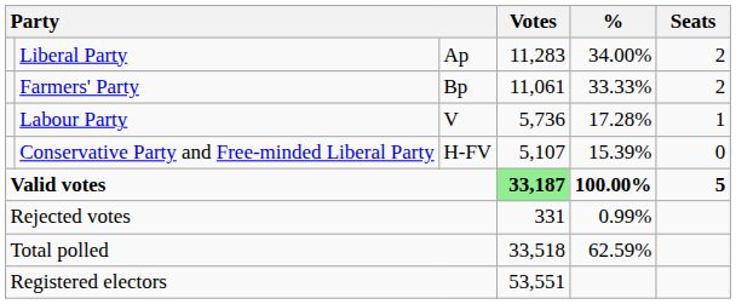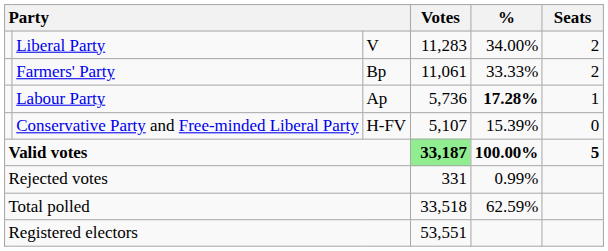 <table class="wikitable" border="1" style="text-align:right;">
 <tr>
 <th style="text-align:left;" colspan=3>Party</th>
 <th align=center width="50">Votes</th>
 <th align=center width="50">%</th>
 <th align=center width="50">Seats</th>
 </tr>
 <tr>
 <td style="color:inherit;background:"></td>
 <td align=left><a href='#'>Liberal Party</a></td>
-<td align=left>Ap</td>
+<td align=left>V</td>
 <td>11,283</td>
 <td>34.00%</td>
 <td>2</td>
 </tr>
 <tr>
 <td style="color:inherit;background:"></td>
 <td align=left><a href='#'>Farmers' Party</a></td>
 <td align=left>Bp</td>
 <td>11,061</td>
 <td>33.33%</td>
 <td>2</td>
 </tr>
 <tr>
 <td style="color:inherit;background:"></td>
 <td align=left><a href='#'>Labour Party</a></td>
-<td align=left>V</td>
+<td align=left>Ap</td>
 <td>5,736</td>
-<td>17.28%</td>
+<td><strong>17.28%</strong></td>
 <td>1</td>
 </tr>
 <tr>
 <td></td>
 <td align=left><a href='#'>Conservative Party</a> and <a href='#'>Free-minded Liberal Party</a></td>
 <td align=left>H-FV</td>
 <td>5,107</td>
 <td>15.39%</td>
 <td>0</td>
 </tr>
 <tr style="font-weight:bold">
 <td align=left colspan=3>Valid votes</td>
 <td style="background: lightgreen;">33,187</td>
 <td>100.00%</td>
 <td>5</td>
 </tr>
 <tr>
 <td align=left colspan=3>Rejected votes</td>
 <td>331</td>
 <td>0.99%</td>
 <td></td>
 </tr>
 <tr>
 <td align=left colspan=3>Total polled</td>
 <td>33,518</td>
 <td>62.59%</td>
 <td></td>
 </tr>
 <tr>
 <td align=left colspan=3>Registered electors</td>
 <td>53,551</td>
 <td></td>
 <td></td>
 </tr>
 </table>
